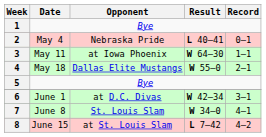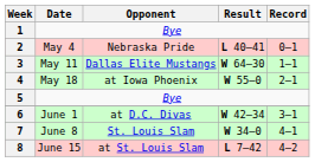 <table class="wikitable" style="text-align:center">
 <tr>
 <th>Week</th>
 <th>Date</th>
 <th>Opponent</th>
 <th>Result</th>
 <th>Record</th>
 </tr>
 <tr>
 <th>1</th>
 <td colspan="4"><em><a href='#'>Bye</a></em></td>
 </tr>
 <tr style="background:#fcc">
 <th>2</th>
 <td>May 4</td>
 <td>Nebraska Pride</td>
 <td><strong>L</strong> 40–41</td>
 <td>0–1</td>
 </tr>
 <tr style="background:#cfc">
 <th>3</th>
 <td>May 11</td>
-<td>at Iowa Phoenix</td>
+<td><a href='#'>Dallas Elite Mustangs</a></td>
 <td><strong>W</strong> 64–30</td>
 <td>1–1</td>
 </tr>
 <tr style="background:#cfc">
 <th>4</th>
 <td>May 18</td>
-<td><a href='#'>Dallas Elite Mustangs</a></td>
+<td>at Iowa Phoenix</td>
 <td><strong>W</strong> 55–0</td>
 <td>2–1</td>
 </tr>
 <tr>
 <th>5</th>
 <td colspan="4"><em><a href='#'>Bye</a></em></td>
 </tr>
 <tr>
 </tr>
 <tr style="background:#cfc">
 <th>6</th>
 <td>June 1</td>
 <td>at <a href='#'>D.C. Divas</a></td>
 <td><strong>W</strong> 42–34</td>
 <td>3–1</td>
 </tr>
 <tr style="background:#cfc">
 <th>7</th>
 <td>June 8</td>
 <td><a href='#'>St. Louis Slam</a></td>
 <td><strong>W</strong> 34–0</td>
 <td>4–1</td>
 </tr>
 <tr style="background:#fcc">
 <th>8</th>
 <td>June 15</td>
 <td>at <a href='#'>St. Louis Slam</a></td>
 <td><strong>L</strong> 7–42</td>
 <td>4–2</td>
 </tr>
 </table>
